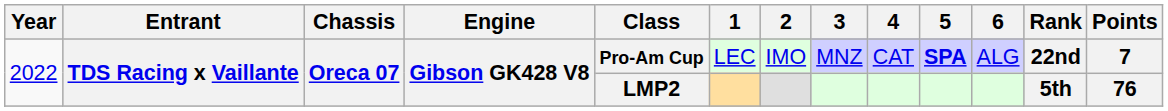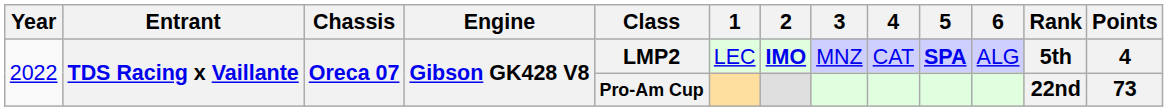 <table class="wikitable" style="text-align:center; font-size:90%">
 <tr>
 <th>Year</th>
 <th>Entrant</th>
 <th>Chassis</th>
 <th>Engine</th>
 <th>Class</th>
 <th>1</th>
 <th>2</th>
 <th>3</th>
 <th>4</th>
 <th>5</th>
 <th>6</th>
 <th>Rank</th>
 <th>Points</th>
 </tr>
 <tr>
 <td rowspan="2"><a href='#'>2022</a></td>
 <th rowspan="2"><a href='#'>TDS Racing</a> x <a href='#'>Vaillante</a></th>
 <th rowspan="2"><a href='#'>Oreca 07</a></th>
 <th rowspan="2"><a href='#'>Gibson</a> GK428 V8</th>
-<th><small>Pro-Am Cup</small></th>
+<th>LMP2</th>
 <td style="background:#DFFFDF;"><a href='#'>LEC</a><br></td>
-<td style="background:#DFFFDF;"><a href='#'>IMO</a><br></td>
+<td style="background:#DFFFDF;"><strong><a href='#'>IMO</a><br></strong></td>
 <td style="background:#CFCFFF;"><a href='#'>MNZ</a><br></td>
 <td style="background:#CFCFFF;"><a href='#'>CAT</a><br></td>
 <td style="background:#CFCFFF;"><strong><a href='#'>SPA</a><br></strong></td>
 <td style="background:#CFCFFF;"><a href='#'>ALG</a><br></td>
-<th>22nd</th>
-<th>7</th>
+<th>5th</th>
+<th>4</th>
 </tr>
 <tr>
-<th>LMP2</th>
+<th><small>Pro-Am Cup</small></th>
 <td style="background:#FFDF9F;"></td>
 <td style="background:#DFDFDF;"></td>
 <td style="background:#DFFFDF;"></td>
 <td style="background:#DFFFDF;"></td>
 <td style="background:#DFFFDF;"></td>
 <td style="background:#DFFFDF;"></td>
-<th>5th</th>
-<th>76</th>
+<th>22nd</th>
+<th>73</th>
 </tr>
 </table>
